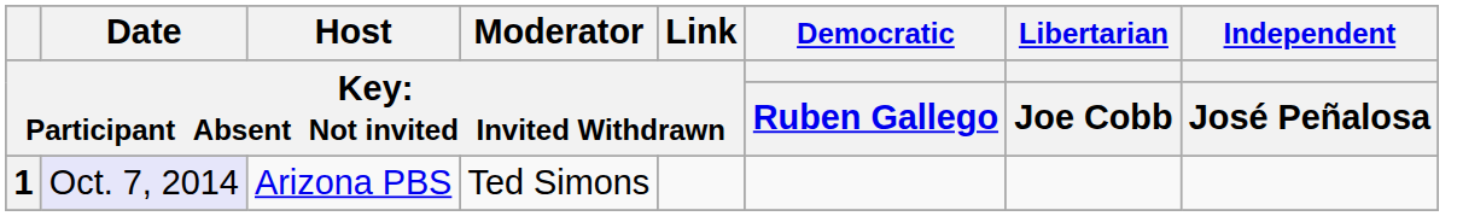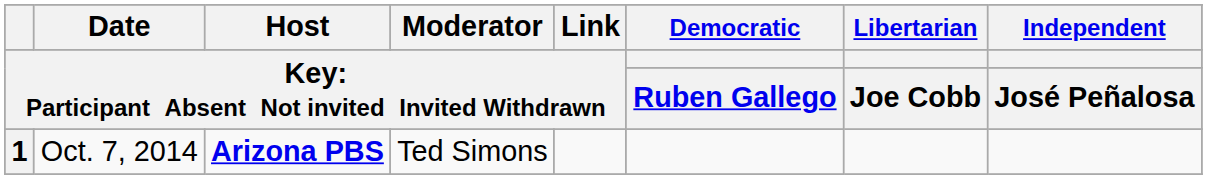 <table class="wikitable" style="text-align:center;">
 <tr>
 <th scope="col"></th>
 <th scope="col">Date</th>
 <th scope="col">Host</th>
 <th scope="col">Moderator</th>
 <th scope="col">Link</th>
 <th scope="col"><small><a href='#'>Democratic</a></small></th>
 <th scope="col"><small><a href='#'>Libertarian</a></small></th>
 <th scope="col"><small><a href='#'>Independent</a></small></th>
 </tr>
 <tr>
 <th colspan="5" rowspan="2">Key:<br> <small>Participant </small>  <small>Absent </small>  <small>Not invited </small>  <small>Invited  Withdrawn</small></th>
 <th scope="col" style="background:"></th>
 <th scope="col" style="background:"></th>
 <th scope="col" style="background:"></th>
 </tr>
 <tr>
 <th scope="col"><a href='#'>Ruben Gallego</a></th>
 <th scope="col">Joe Cobb</th>
 <th scope="col">José Peñalosa</th>
 </tr>
 <tr>
 <th>1</th>
-<td style="background: lavender; white-space:nowrap;">Oct. 7, 2014</td>
-<td style="white-space:nowrap;"><a href='#'>Arizona PBS</a></td>
+<td style="white-space:nowrap;">Oct. 7, 2014</td>
+<td style="white-space:nowrap;"><strong><a href='#'>Arizona PBS</a></strong></td>
 <td style="white-space:nowrap;">Ted Simons</td>
 <td style="white-space:nowrap;"></td>
 <td></td>
 <td></td>
 <td></td>
 </tr>
 </table>
